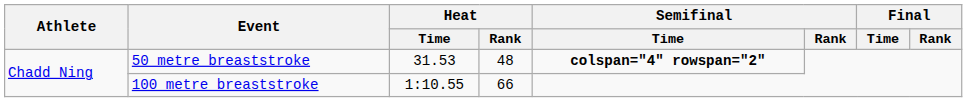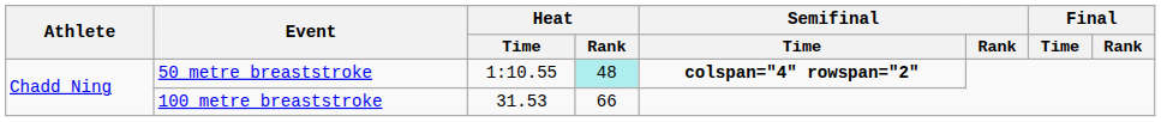 <table class="wikitable" style="text-align:center; font-size:90%; width:50%;">
 <tr>
 <th rowspan="2">Athlete</th>
 <th rowspan="2">Event</th>
 <th colspan="2">Heat</th>
 <th colspan="2">Semifinal</th>
 <th colspan="2">Final</th>
 </tr>
 <tr style="font-size:95%">
 <th>Time</th>
 <th>Rank</th>
 <th>Time</th>
 <th>Rank</th>
 <th>Time</th>
 <th>Rank</th>
 </tr>
 <tr align=center>
 <td align=left rowspan="2"><a href='#'>Chadd Ning</a></td>
 <td align=left><a href='#'>50 metre breaststroke</a></td>
-<td>31.53</td>
-<td>48</td>
+<td>1:10.55</td>
+<td style="background: paleturquoise;">48</td>
 <td><strong>colspan="4" rowspan="2"</strong></td>
 </tr>
 <tr align=center>
 <td align=left><a href='#'>100 metre breaststroke</a></td>
-<td>1:10.55</td>
+<td>31.53</td>
 <td>66</td>
 </tr>
 </table>
